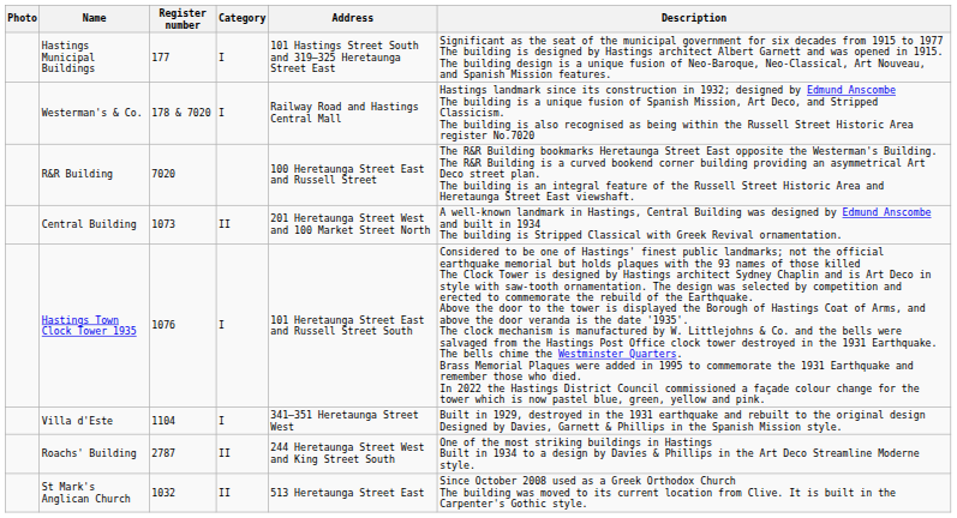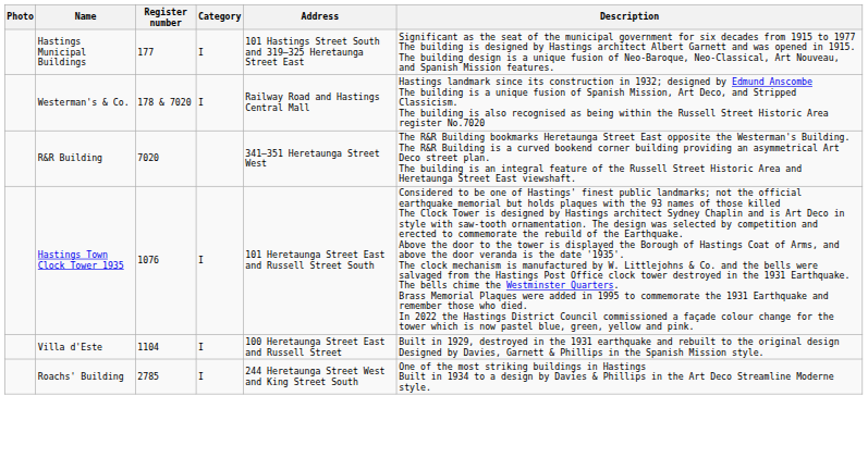 <table class="wikitable">
 <tr>
 <th>Photo</th>
 <th>Name</th>
 <th>Register number</th>
 <th>Category</th>
 <th>Address</th>
 <th>Description</th>
 </tr>
 <tr>
 <td></td>
 <td>Hastings Municipal Buildings</td>
 <td>177</td>
 <td>I</td>
 <td>101 Hastings Street South and 319–325 Heretaunga Street East</td>
 <td>Significant as the seat of the municipal government for six decades from 1915 to 1977<br>The building is designed by Hastings architect Albert Garnett and was opened in 1915. The building design is a unique fusion of Neo-Baroque, Neo-Classical, Art Nouveau, and Spanish Mission features.</td>
 </tr>
 <tr>
 <td></td>
 <td>Westerman's & Co.</td>
 <td>178 & 7020</td>
 <td>I</td>
 <td>Railway Road and Hastings Central Mall</td>
 <td>Hastings landmark since its construction in 1932; designed by <a href='#'>Edmund Anscombe</a><br>The building is a unique fusion of Spanish Mission, Art Deco, and Stripped Classicism.<br>The building is also recognised as being within the Russell Street Historic Area register No.7020</td>
 </tr>
 <tr>
 <td></td>
 <td>R&R Building</td>
 <td>7020</td>
 <td></td>
-<td>100 Heretaunga Street East and Russell Street</td>
+<td>341–351 Heretaunga Street West</td>
 <td>The R&R Building bookmarks Heretaunga Street East opposite the Westerman's Building.  The R&R Building is a curved bookend corner building providing an asymmetrical Art Deco street plan.<br>The building is an integral feature of the Russell Street Historic Area and Heretaunga Street East viewshaft.</td>
-</tr>
-<tr>
-<td></td>
-<td>Central Building</td>
-<td>1073</td>
-<td>II</td>
-<td>201 Heretaunga Street West and 100 Market Street North</td>
-<td>A well-known landmark in Hastings, Central Building was designed by <a href='#'>Edmund Anscombe</a> and built in 1934<br>The building is Stripped Classical with Greek Revival ornamentation.</td>
 </tr>
 <tr>
 <td></td>
 <td><a href='#'>Hastings Town Clock Tower 1935</a></td>
 <td>1076</td>
 <td>I</td>
 <td>101 Heretaunga Street East and Russell Street South</td>
 <td>Considered to be one of Hastings' finest public landmarks; not the official earthquake memorial but holds plaques with the 93 names of those killed<br>The Clock Tower is designed by Hastings architect Sydney Chaplin and is Art Deco in style with saw-tooth ornamentation.  The design was selected by competition and erected to commemorate the rebuild of the Earthquake.<br>Above the door to the tower is displayed the Borough of Hastings Coat of Arms, and above the door veranda is the date '1935'.<br>The clock mechanism is manufactured by W. Littlejohns & Co. and the bells were salvaged from the Hastings Post Office clock tower destroyed in the 1931 Earthquake.  The bells chime the <a href='#'>Westminster Quarters</a>.<br>Brass Memorial Plaques were added in 1995 to commemorate the 1931 Earthquake and remember those who died.<br>In 2022 the Hastings District Council commissioned a façade colour change for the tower which is now pastel blue, green, yellow and pink.</td>
 </tr>
 <tr>
 <td></td>
 <td>Villa d'Este</td>
 <td>1104</td>
 <td>I</td>
-<td>341–351 Heretaunga Street West</td>
+<td>100 Heretaunga Street East and Russell Street</td>
 <td>Built in 1929, destroyed in the 1931 earthquake and rebuilt to the original design<br>Designed by Davies, Garnett & Phillips in the Spanish Mission style.</td>
 </tr>
 <tr>
 <td></td>
 <td>Roachs' Building</td>
-<td>2787</td>
-<td>II</td>
+<td>2785</td>
+<td>I</td>
 <td>244 Heretaunga Street West and King Street South</td>
 <td>One of the most striking buildings in Hastings<br>Built in 1934 to a design by Davies & Phillips in the Art Deco Streamline Moderne style.</td>
 </tr>
-<tr>
-<td></td>
-<td>St Mark's Anglican Church</td>
-<td>1032</td>
-<td>II</td>
-<td>513 Heretaunga Street East</td>
-<td>Since October 2008 used as a Greek Orthodox Church<br>The building was moved to its current location from Clive.  It is built in the Carpenter's Gothic style.</td>
-</tr>
 </table>
